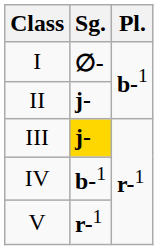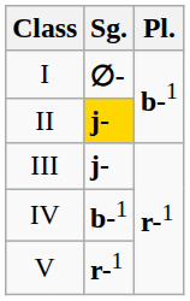 <table class="wikitable">
 <tr>
 <th>Class</th>
 <th>Sg.</th>
 <th>Pl.</th>
 </tr>
 <tr>
 <td align="center">I</td>
 <td><strong>∅-</strong></td>
 <td rowspan ="2"><strong>b-</strong><sup>1</sup></td>
 </tr>
 <tr>
 <td align="center">II</td>
-<td><strong>j-</strong></td>
+<td style="background: gold;"><strong>j-</strong></td>
 </tr>
 <tr>
 <td align="center">III</td>
-<td style="background: gold;"><strong>j-</strong></td>
+<td><strong>j-</strong></td>
 <td rowspan ="3"><strong>r-</strong><sup>1</sup></td>
 </tr>
 <tr>
 <td align="center">IV</td>
 <td><strong>b-</strong><sup>1</sup></td>
 </tr>
 <tr>
 <td align="center">V</td>
 <td><strong>r-</strong><sup>1</sup></td>
 </tr>
 </table>
